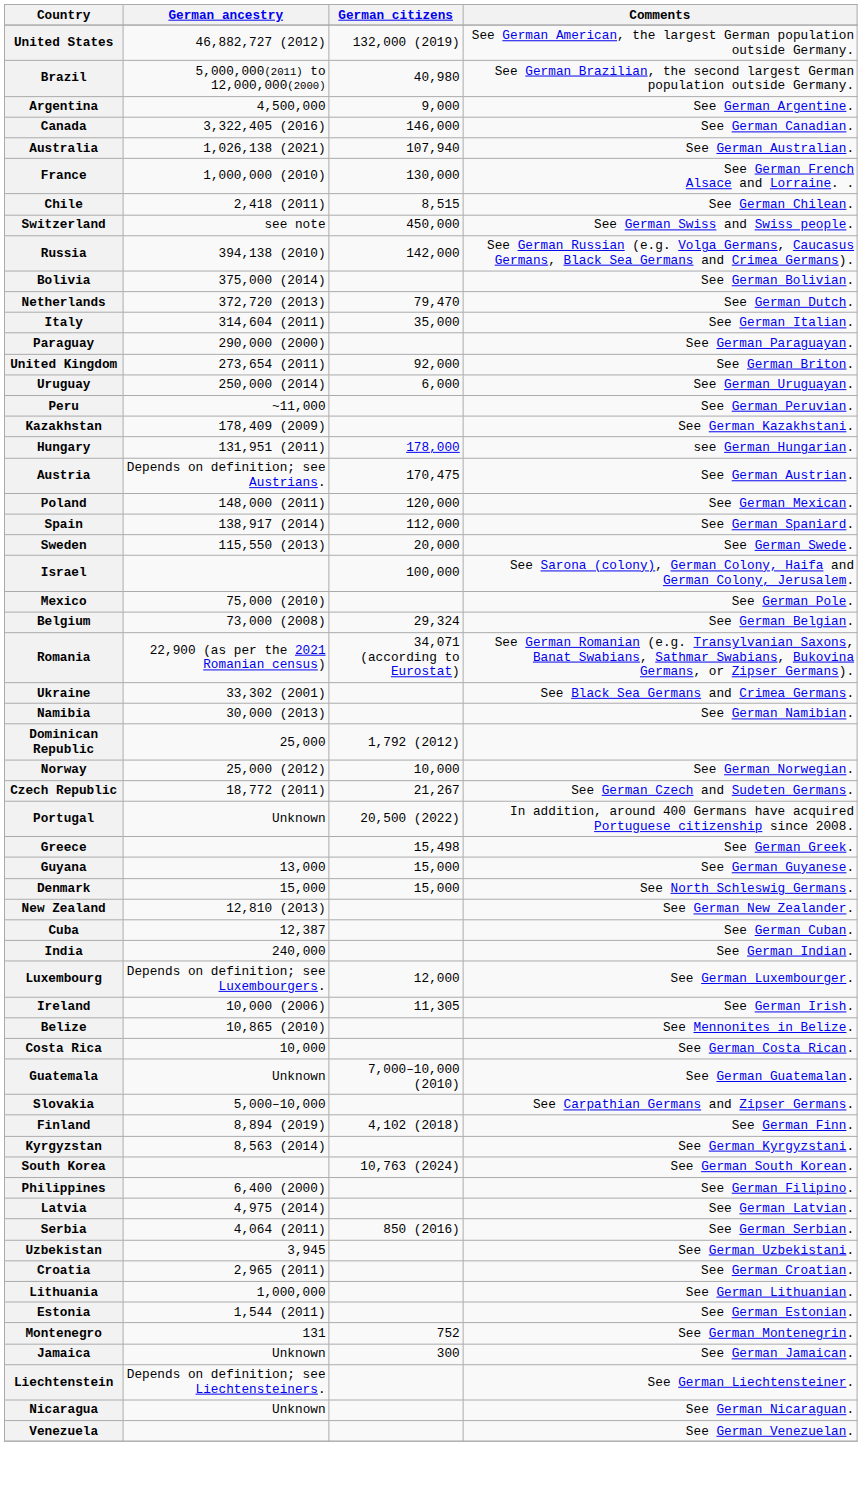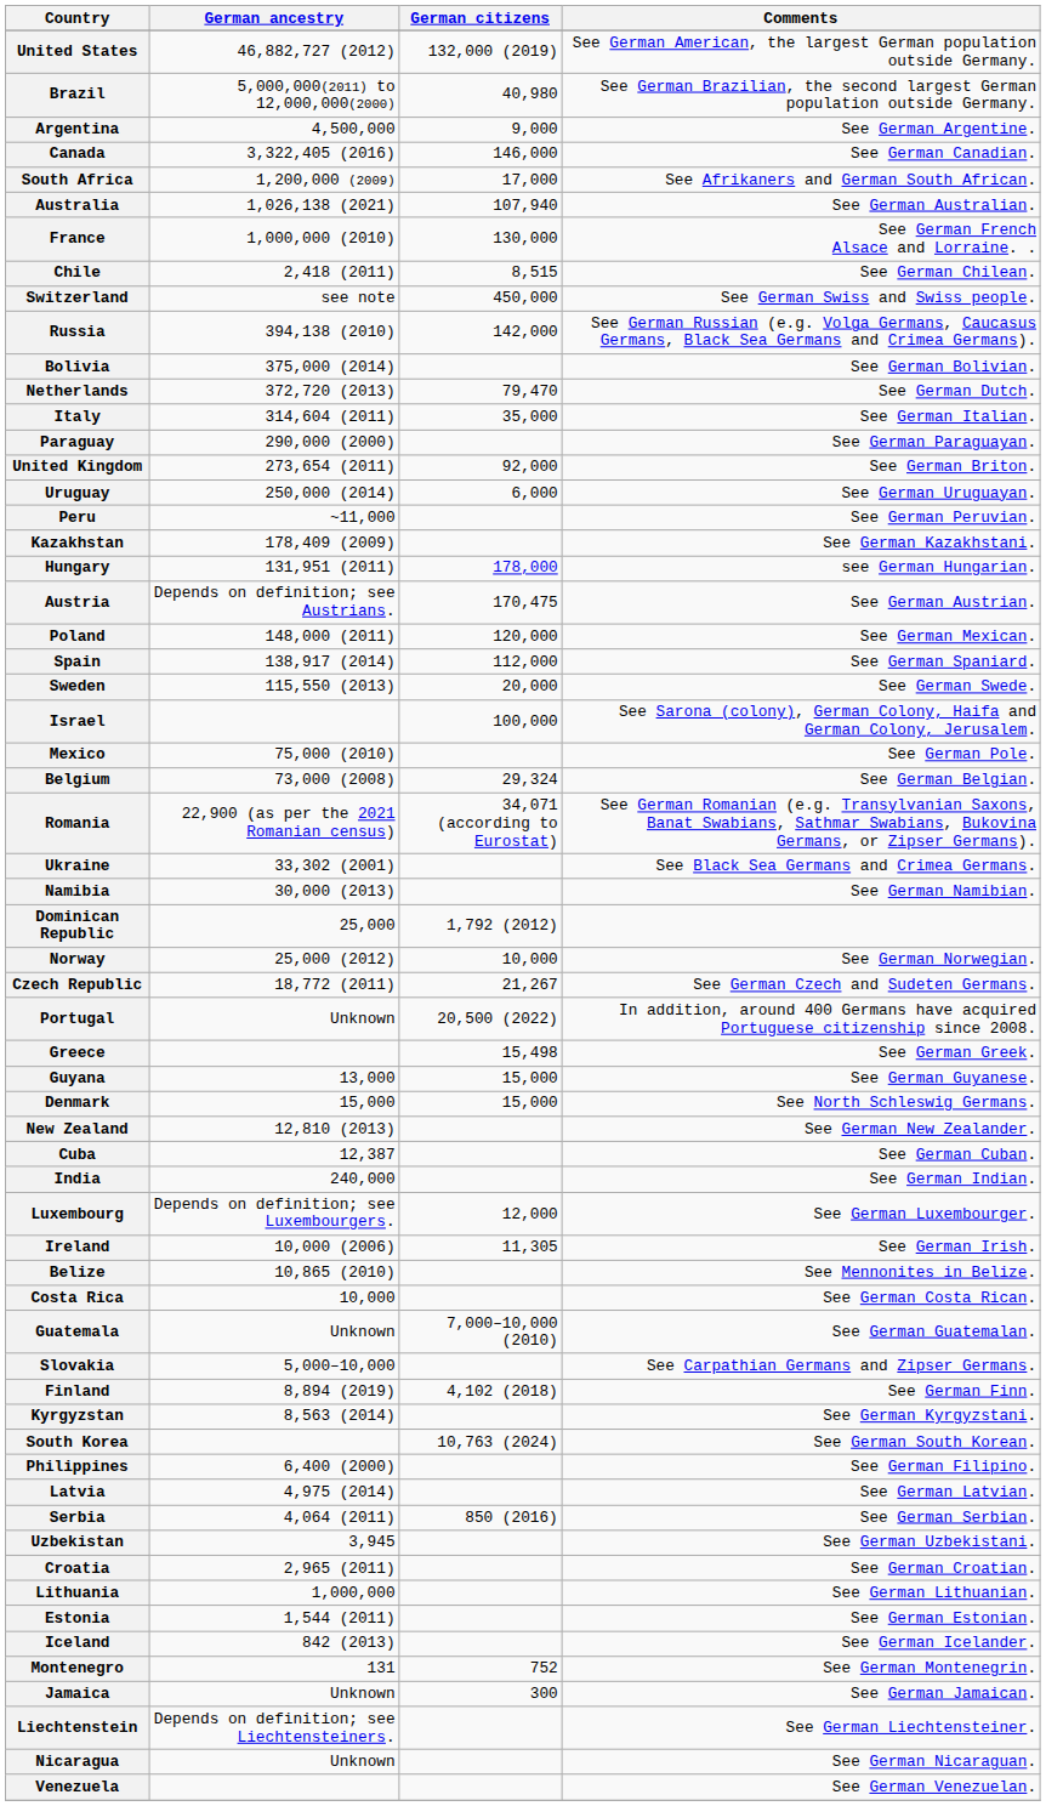 <table class="wikitable sortable plainrowheaders" style="text-align:right">
 <tr>
 <th scope="col">Country</th>
 <th scope="col" data-sort-type="number"><a href='#'>German ancestry</a></th>
 <th scope="col" data-sort-type="number"><a href='#'>German citizens</a></th>
 <th scope="col">Comments</th>
 </tr>
 <tr>
 </tr>
 <tr>
 <th scope="row">United States</th>
 <td>46,882,727 (2012)</td>
 <td>132,000 (2019)</td>
 <td>See <a href='#'>German American</a>, the largest German population outside Germany.</td>
 </tr>
 <tr>
 <th scope="row">Brazil</th>
 <td>5,000,000<small>(2011)</small> to 12,000,000<small>(2000)</small></td>
 <td>40,980</td>
 <td>See <a href='#'>German Brazilian</a>, the second largest German population outside Germany.</td>
 </tr>
 <tr>
 <th scope="row">Argentina</th>
 <td>4,500,000</td>
 <td>9,000</td>
 <td>See <a href='#'>German Argentine</a>.</td>
 </tr>
 <tr>
 <th scope="row">Canada</th>
 <td>3,322,405 (2016)</td>
 <td>146,000</td>
 <td>See <a href='#'>German Canadian</a>.</td>
+</tr>
+<tr>
+<th scope="row">South Africa</th>
+<td>1,200,000 <small>(2009)</small></td>
+<td>17,000</td>
+<td>See <a href='#'>Afrikaners</a> and <a href='#'>German South African</a>.</td>
 </tr>
 <tr>
 <th scope="row">Australia</th>
 <td>1,026,138 (2021)</td>
 <td>107,940</td>
 <td>See <a href='#'>German Australian</a>.</td>
 </tr>
 <tr>
 <th scope="row">France</th>
 <td>1,000,000 (2010)</td>
 <td>130,000</td>
 <td>See <a href='#'>German French</a><br><a href='#'>Alsace</a> and <a href='#'>Lorraine</a>.  .</td>
 </tr>
 <tr>
 <th scope="row">Chile</th>
 <td>2,418 (2011)</td>
 <td>8,515</td>
 <td>See <a href='#'>German Chilean</a>.</td>
 </tr>
 <tr>
 <th scope="row">Switzerland</th>
 <td>see note</td>
 <td>450,000</td>
 <td>See <a href='#'>German Swiss</a> and <a href='#'>Swiss people</a>.</td>
 </tr>
 <tr>
 <th scope="row">Russia</th>
 <td>394,138 (2010)</td>
 <td>142,000</td>
 <td>See <a href='#'>German Russian</a> (e.g. <a href='#'>Volga Germans</a>, <a href='#'>Caucasus Germans</a>, <a href='#'>Black Sea Germans</a> and <a href='#'>Crimea Germans</a>).</td>
 </tr>
 <tr>
 <th scope="row">Bolivia</th>
 <td>375,000 (2014)</td>
 <td></td>
 <td>See <a href='#'>German Bolivian</a>.</td>
 </tr>
 <tr>
 <th scope="row">Netherlands</th>
 <td>372,720 (2013)</td>
 <td>79,470</td>
 <td>See <a href='#'>German Dutch</a>.</td>
 </tr>
 <tr>
 <th scope="row">Italy</th>
 <td>314,604 (2011)</td>
 <td>35,000</td>
 <td>See <a href='#'>German Italian</a>.</td>
 </tr>
 <tr>
 <th scope="row">Paraguay</th>
 <td>290,000 (2000)</td>
 <td></td>
 <td>See <a href='#'>German Paraguayan</a>.</td>
 </tr>
 <tr>
 <th scope="row">United Kingdom</th>
 <td>273,654 (2011)</td>
 <td>92,000</td>
 <td>See <a href='#'>German Briton</a>.</td>
 </tr>
 <tr>
 <th scope="row">Uruguay</th>
 <td>250,000 (2014)</td>
 <td>6,000</td>
 <td>See <a href='#'>German Uruguayan</a>.</td>
 </tr>
 <tr>
 <th scope="row">Peru</th>
 <td>~11,000</td>
 <td></td>
 <td>See <a href='#'>German Peruvian</a>.</td>
 </tr>
 <tr>
 <th scope="row">Kazakhstan</th>
 <td>178,409 (2009)</td>
 <td></td>
 <td>See <a href='#'>German Kazakhstani</a>.</td>
 </tr>
 <tr>
 <th scope="row">Hungary</th>
 <td>131,951 (2011)</td>
 <td><a href='#'>178,000</a></td>
 <td>see <a href='#'>German Hungarian</a>.</td>
 </tr>
 <tr>
 <th scope="row">Austria</th>
 <td>Depends on definition; see <a href='#'>Austrians</a>.</td>
 <td>170,475</td>
 <td>See <a href='#'>German Austrian</a>.</td>
 </tr>
 <tr>
 <th scope="row">Poland</th>
 <td>148,000 (2011)</td>
 <td>120,000</td>
 <td>See <a href='#'>German Mexican</a>.</td>
 </tr>
 <tr>
 <th scope="row">Spain</th>
 <td>138,917 (2014)</td>
 <td>112,000</td>
 <td>See <a href='#'>German Spaniard</a>.</td>
 </tr>
 <tr>
 <th scope="row">Sweden</th>
 <td>115,550 (2013)</td>
 <td>20,000</td>
 <td>See <a href='#'>German Swede</a>.</td>
 </tr>
 <tr>
 <th scope="row">Israel</th>
 <td></td>
 <td>100,000</td>
 <td>See <a href='#'>Sarona (colony)</a>, <a href='#'>German Colony, Haifa</a> and <a href='#'>German Colony, Jerusalem</a>.</td>
 </tr>
 <tr>
 <th scope="row">Mexico</th>
 <td>75,000 (2010)</td>
 <td></td>
 <td>See <a href='#'>German Pole</a>.</td>
 </tr>
 <tr>
 <th scope="row">Belgium</th>
 <td>73,000 (2008)</td>
 <td>29,324</td>
 <td>See <a href='#'>German Belgian</a>.</td>
 </tr>
 <tr>
 <th scope="row">Romania</th>
 <td> 22,900 (as per the <a href='#'>2021 Romanian census</a>)</td>
 <td>34,071 (according to <a href='#'>Eurostat</a>)</td>
 <td>See <a href='#'>German Romanian</a> (e.g. <a href='#'>Transylvanian Saxons</a>, <a href='#'>Banat Swabians</a>, <a href='#'>Sathmar Swabians</a>, <a href='#'>Bukovina Germans</a>, or <a href='#'>Zipser Germans</a>).</td>
 </tr>
 <tr>
 <th scope="row">Ukraine</th>
 <td>33,302 (2001)</td>
 <td></td>
 <td>See <a href='#'>Black Sea Germans</a> and <a href='#'>Crimea Germans</a>.</td>
 </tr>
 <tr>
 <th scope="row">Namibia</th>
 <td>30,000 (2013)</td>
 <td></td>
 <td>See <a href='#'>German Namibian</a>.</td>
 </tr>
 <tr>
 <th scope="row">Dominican Republic</th>
 <td>25,000</td>
 <td>1,792 (2012)</td>
 <td></td>
 </tr>
 <tr>
 <th scope="row">Norway</th>
 <td>25,000 (2012)</td>
 <td>10,000 </td>
 <td>See <a href='#'>German Norwegian</a>.</td>
 </tr>
 <tr>
 <th scope="row">Czech Republic</th>
 <td>18,772 (2011)</td>
 <td>21,267</td>
 <td>See <a href='#'>German Czech</a> and <a href='#'>Sudeten Germans</a>.</td>
 </tr>
 <tr>
 <th scope="row">Portugal</th>
 <td>Unknown</td>
 <td>20,500 (2022)</td>
 <td>In addition, around 400 Germans have acquired <a href='#'>Portuguese citizenship</a> since 2008.</td>
 </tr>
 <tr>
 <th scope="row">Greece</th>
 <td></td>
 <td>15,498</td>
 <td>See <a href='#'>German Greek</a>.</td>
 </tr>
 <tr>
 <th scope="row">Guyana</th>
 <td>13,000</td>
 <td>15,000</td>
 <td>See <a href='#'>German Guyanese</a>.</td>
 </tr>
 <tr>
 <th scope="row">Denmark</th>
 <td>15,000</td>
 <td>15,000</td>
 <td>See <a href='#'>North Schleswig Germans</a>.</td>
 </tr>
 <tr>
 <th scope="row">New Zealand</th>
 <td>12,810 (2013)</td>
 <td></td>
 <td>See <a href='#'>German New Zealander</a>.</td>
 </tr>
 <tr>
 <th scope="row">Cuba</th>
 <td>12,387</td>
 <td></td>
 <td>See <a href='#'>German Cuban</a>.</td>
 </tr>
 <tr>
 <th scope="row">India</th>
 <td>240,000</td>
 <td></td>
 <td>See <a href='#'>German Indian</a>.</td>
 </tr>
 <tr>
 <th scope="row">Luxembourg</th>
 <td>Depends on definition; see <a href='#'>Luxembourgers</a>.</td>
 <td>12,000</td>
 <td>See <a href='#'>German Luxembourger</a>.</td>
 </tr>
 <tr>
 <th scope="row">Ireland</th>
 <td>10,000 (2006)</td>
 <td>11,305</td>
 <td>See <a href='#'>German Irish</a>.</td>
 </tr>
 <tr>
 <th scope="row">Belize</th>
 <td>10,865 (2010)</td>
 <td></td>
 <td>See <a href='#'>Mennonites in Belize</a>.</td>
 </tr>
 <tr>
 <th scope="row">Costa Rica</th>
 <td>10,000</td>
 <td></td>
 <td>See <a href='#'>German Costa Rican</a>.</td>
 </tr>
 <tr>
 <th scope="row">Guatemala</th>
 <td>Unknown</td>
 <td>7,000–10,000 (2010)</td>
 <td>See <a href='#'>German Guatemalan</a>.</td>
 </tr>
 <tr>
 <th scope="row">Slovakia</th>
 <td>5,000–10,000</td>
 <td></td>
 <td>See <a href='#'>Carpathian Germans</a> and <a href='#'>Zipser Germans</a>.</td>
 </tr>
 <tr>
 <th scope="row">Finland</th>
 <td>8,894 (2019)</td>
 <td>4,102 (2018)</td>
 <td>See <a href='#'>German Finn</a>.</td>
 </tr>
 <tr>
 <th scope="row">Kyrgyzstan</th>
 <td>8,563 (2014)</td>
 <td></td>
 <td>See <a href='#'>German Kyrgyzstani</a>.</td>
 </tr>
 <tr>
 <th scope="row">South Korea</th>
 <td></td>
 <td>10,763 (2024)</td>
 <td>See <a href='#'>German South Korean</a>.</td>
 </tr>
 <tr>
 <th scope="row">Philippines</th>
 <td>6,400 (2000)</td>
 <td></td>
 <td>See <a href='#'>German Filipino</a>.</td>
 </tr>
 <tr>
 <th scope="row">Latvia</th>
 <td>4,975 (2014)</td>
 <td></td>
 <td>See <a href='#'>German Latvian</a>.</td>
 </tr>
 <tr>
 <th scope="row">Serbia</th>
 <td>4,064 (2011)</td>
 <td>850 (2016)</td>
 <td>See <a href='#'>German Serbian</a>.</td>
 </tr>
 <tr>
 <th scope="row">Uzbekistan</th>
 <td>3,945</td>
 <td></td>
 <td>See <a href='#'>German Uzbekistani</a>.</td>
 </tr>
 <tr>
 <th scope="row">Croatia</th>
 <td>2,965 (2011)</td>
 <td></td>
 <td>See <a href='#'>German Croatian</a>.</td>
 </tr>
 <tr>
 <th scope="row">Lithuania</th>
 <td>1,000,000</td>
 <td></td>
 <td>See <a href='#'>German Lithuanian</a>.</td>
 </tr>
 <tr>
 <th scope="row">Estonia</th>
 <td>1,544 (2011)</td>
 <td></td>
 <td>See <a href='#'>German Estonian</a>.</td>
 </tr>
 <tr>
+<th scope="row">Iceland</th>
+<td>842 (2013)</td>
+<td></td>
+<td>See <a href='#'>German Icelander</a>.</td>
+</tr>
+<tr>
 <th scope="row">Montenegro</th>
 <td>131</td>
 <td>752</td>
 <td>See <a href='#'>German Montenegrin</a>.</td>
 </tr>
 <tr>
 <th scope="row">Jamaica</th>
 <td>Unknown</td>
 <td>300</td>
 <td>See <a href='#'>German Jamaican</a>.</td>
 </tr>
 <tr>
 <th scope="row">Liechtenstein</th>
 <td>Depends on definition; see <a href='#'>Liechtensteiners</a>.</td>
 <td></td>
 <td>See <a href='#'>German Liechtensteiner</a>.</td>
 </tr>
 <tr>
 <th scope="row">Nicaragua</th>
 <td>Unknown</td>
 <td></td>
 <td>See <a href='#'>German Nicaraguan</a>.</td>
 </tr>
 <tr>
 <th scope="row">Venezuela</th>
 <td></td>
 <td></td>
 <td>See <a href='#'>German Venezuelan</a>.</td>
 </tr>
 <tr>
 </tr>
 </table>
